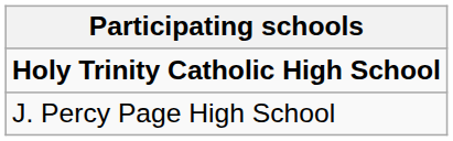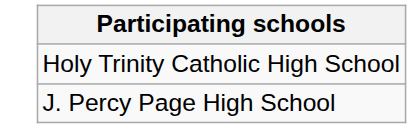 <table class="wikitable" align=right>
 <tr>
 <th>Participating schools</th>
 </tr>
 <tr>
-<td><strong>Holy Trinity Catholic High School</strong></td>
+<td>Holy Trinity Catholic High School</td>
 </tr>
 <tr>
 <td>J. Percy Page High School</td>
 </tr>
 </table>
